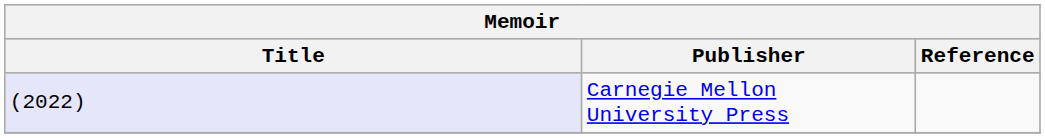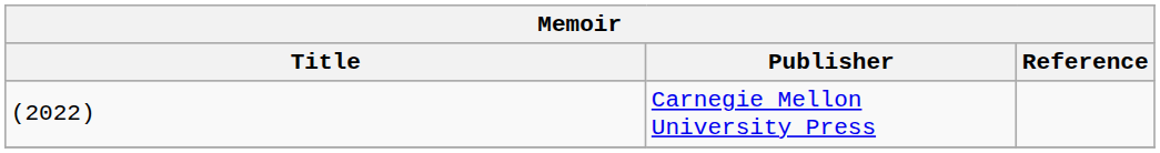 <table class="wikitable">
 <tr>
 <th colspan="3">Memoir</th>
 </tr>
 <tr>
 <th scope=col style="width: 350px;">Title</th>
 <th scope=col style="width: 200px;">Publisher</th>
 <th>Reference</th>
 </tr>
 <tr>
-<td style="background: lavender;"><em></em> (2022)</td>
+<td><em></em> (2022)</td>
 <td><a href='#'>Carnegie Mellon University Press</a></td>
 <td></td>
 </tr>
 <tr>
 </tr>
 </table>
